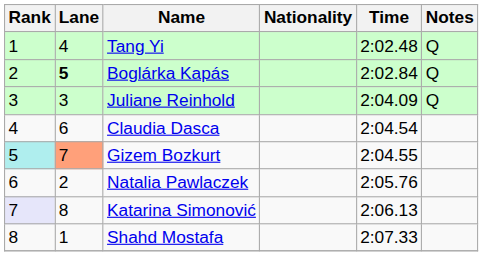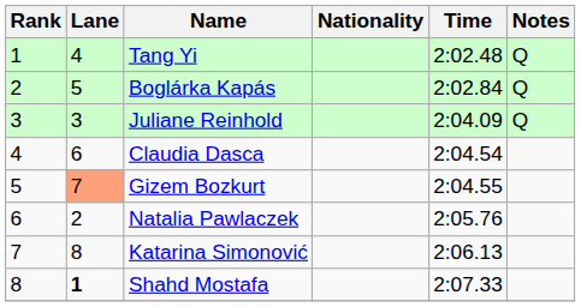 <table class="wikitable">
 <tr>
 <th>Rank</th>
 <th>Lane</th>
 <th>Name</th>
 <th>Nationality</th>
 <th>Time</th>
 <th>Notes</th>
 </tr>
 <tr bgcolor=ccffcc>
 <td>1</td>
 <td>4</td>
 <td><a href='#'>Tang Yi</a></td>
 <td></td>
 <td>2:02.48</td>
 <td>Q</td>
 </tr>
 <tr bgcolor=ccffcc>
 <td>2</td>
-<td><strong>5</strong></td>
+<td>5</td>
 <td><a href='#'>Boglárka Kapás</a></td>
 <td></td>
 <td>2:02.84</td>
 <td>Q</td>
 </tr>
 <tr bgcolor=ccffcc>
 <td>3</td>
 <td>3</td>
 <td><a href='#'>Juliane Reinhold</a></td>
 <td></td>
 <td>2:04.09</td>
 <td>Q</td>
 </tr>
 <tr>
 <td>4</td>
 <td>6</td>
 <td><a href='#'>Claudia Dasca</a></td>
 <td></td>
 <td>2:04.54</td>
 <td></td>
 </tr>
 <tr>
-<td style="background: paleturquoise;">5</td>
+<td>5</td>
 <td style="background: lightsalmon;">7</td>
 <td><a href='#'>Gizem Bozkurt</a></td>
 <td></td>
 <td>2:04.55</td>
 <td></td>
 </tr>
 <tr>
 <td>6</td>
 <td>2</td>
 <td><a href='#'>Natalia Pawlaczek</a></td>
 <td></td>
 <td>2:05.76</td>
 <td></td>
 </tr>
 <tr>
-<td style="background: lavender;">7</td>
+<td>7</td>
 <td>8</td>
 <td><a href='#'>Katarina Simonović</a></td>
 <td></td>
 <td>2:06.13</td>
 <td></td>
 </tr>
 <tr>
 <td>8</td>
-<td>1</td>
+<td><strong>1</strong></td>
 <td><a href='#'>Shahd Mostafa</a></td>
 <td></td>
 <td>2:07.33</td>
 <td></td>
 </tr>
 <tr>
 </tr>
 </table>
